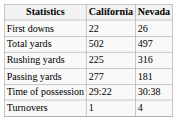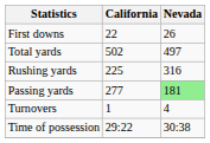 <table class="wikitable">
 <tr>
 <th>Statistics</th>
 <th>California</th>
 <th>Nevada</th>
 </tr>
 <tr>
 <td>First downs</td>
 <td>22</td>
 <td>26</td>
 </tr>
 <tr>
 <td>Total yards</td>
 <td>502</td>
 <td>497</td>
 </tr>
 <tr>
 <td>Rushing yards</td>
 <td>225</td>
 <td>316</td>
 </tr>
 <tr>
 <td>Passing yards</td>
 <td>277</td>
-<td>181</td>
+<td style="background: lightgreen;">181</td>
+</tr>
+<tr>
+<td>Turnovers</td>
+<td>1</td>
+<td>4</td>
 </tr>
 <tr>
 <td>Time of possession</td>
 <td>29:22</td>
 <td>30:38</td>
 </tr>
 <tr>
-<td>Turnovers</td>
-<td>1</td>
-<td>4</td>
-</tr>
-<tr>
 </tr>
 </table>
